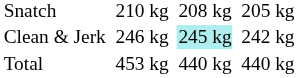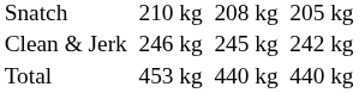 <table>
 <tr>
 <td>Snatch</td>
 <td></td>
 <td>210 kg</td>
 <td></td>
 <td>208 kg</td>
 <td></td>
 <td>205 kg</td>
 </tr>
 <tr>
 <td>Clean & Jerk</td>
 <td></td>
 <td>246 kg</td>
 <td></td>
-<td style="background: paleturquoise;">245 kg</td>
+<td>245 kg</td>
 <td></td>
 <td>242 kg</td>
 </tr>
 <tr>
 <td>Total</td>
 <td></td>
 <td>453 kg</td>
 <td></td>
 <td>440 kg</td>
 <td></td>
 <td>440 kg</td>
 </tr>
 </table>
